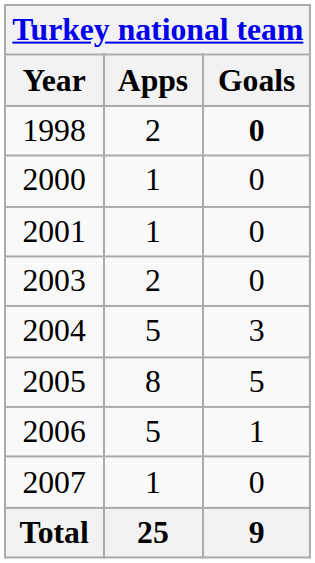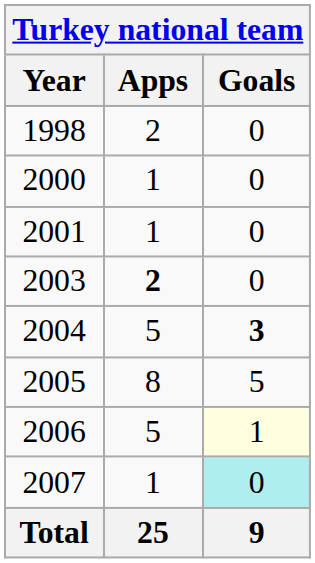 <table class="wikitable" style="text-align:center">
 <tr>
 <th colspan=3><a href='#'>Turkey national team</a></th>
 </tr>
 <tr>
 <th>Year</th>
 <th>Apps</th>
 <th>Goals</th>
 </tr>
 <tr>
 </tr>
 <tr>
 <td>1998</td>
 <td>2</td>
-<td><strong>0</strong></td>
+<td>0</td>
 </tr>
 <tr>
 <td>2000</td>
 <td>1</td>
 <td>0</td>
 </tr>
 <tr>
 <td>2001</td>
 <td>1</td>
 <td>0</td>
 </tr>
 <tr>
 <td>2003</td>
-<td>2</td>
+<td><strong>2</strong></td>
 <td>0</td>
 </tr>
 <tr>
 <td>2004</td>
 <td>5</td>
-<td>3</td>
+<td><strong>3</strong></td>
 </tr>
 <tr>
 <td>2005</td>
 <td>8</td>
 <td>5</td>
 </tr>
 <tr>
 <td>2006</td>
 <td>5</td>
-<td>1</td>
+<td style="background: lightyellow;">1</td>
 </tr>
 <tr>
 <td>2007</td>
 <td>1</td>
-<td>0</td>
+<td style="background: paleturquoise;">0</td>
 </tr>
 <tr>
 <th>Total</th>
 <th>25</th>
 <th>9</th>
 </tr>
 </table>
